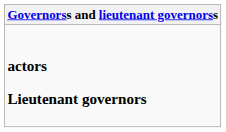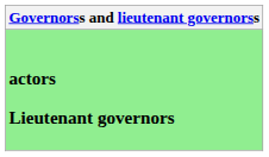 <table class="wikitable collapsible collapsed">
 <tr>
 <th><a href='#'>Governors</a>s and <a href='#'>lieutenant governors</a>s</th>
 </tr>
 <tr>
-<td><br><h3>actors</h3><h3>Lieutenant governors</h3></td>
+<td style="background: lightgreen;"><br><h3>actors</h3><h3>Lieutenant governors</h3></td>
 </tr>
 </table>
